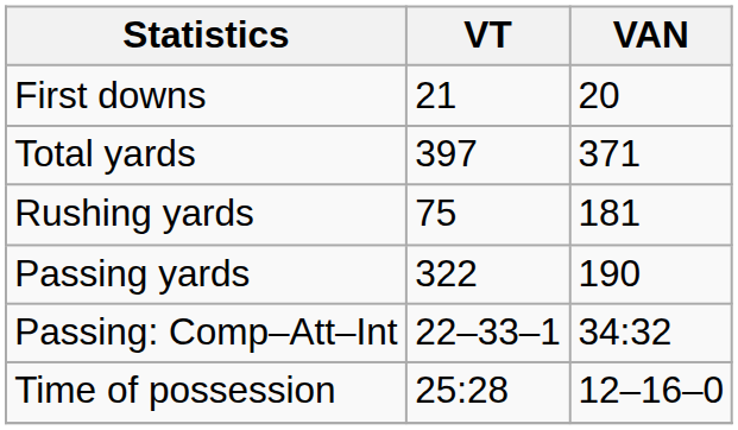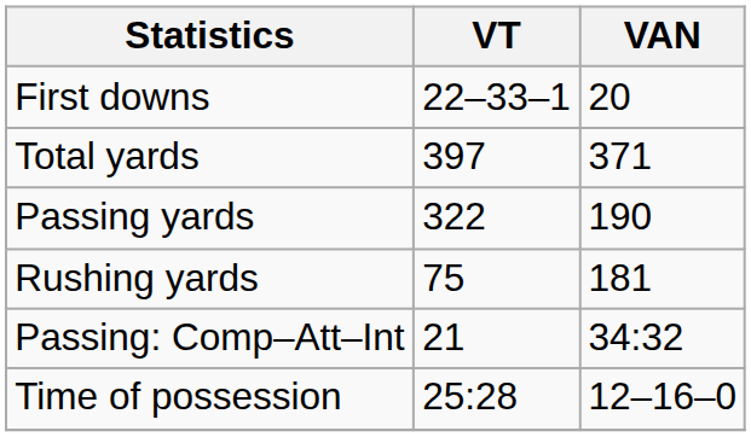 <table class="wikitable" style="float: left;">
 <tr align="center">
 <th>Statistics</th>
 <th>VT</th>
 <th>VAN</th>
 </tr>
 <tr>
 <td>First downs</td>
-<td>21</td>
+<td>22–33–1</td>
 <td>20</td>
 </tr>
 <tr>
 <td>Total yards</td>
 <td>397</td>
 <td>371</td>
 </tr>
 <tr>
+<td>Passing yards</td>
+<td>322</td>
+<td>190</td>
+</tr>
+<tr>
 <td>Rushing yards</td>
 <td>75</td>
 <td>181</td>
 </tr>
 <tr>
-<td>Passing yards</td>
-<td>322</td>
-<td>190</td>
-</tr>
-<tr>
 <td>Passing: Comp–Att–Int</td>
-<td>22–33–1</td>
+<td>21</td>
 <td>34:32</td>
 </tr>
 <tr>
 <td>Time of possession</td>
 <td>25:28</td>
 <td>12–16–0</td>
 </tr>
 <tr>
 </tr>
 </table>
